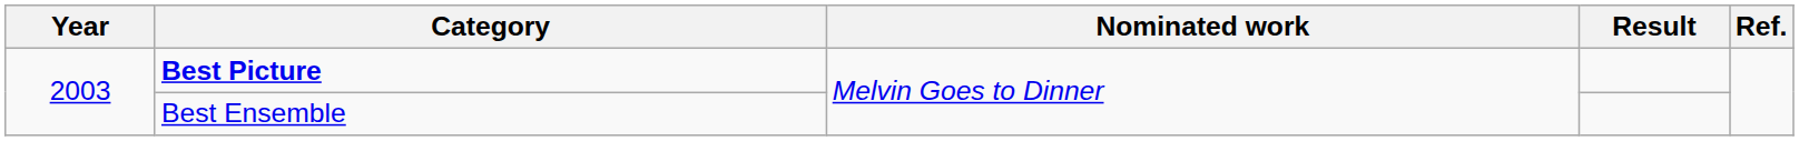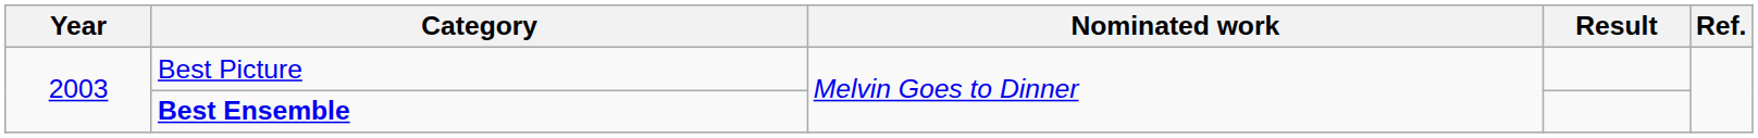 <table class=wikitable>
 <tr>
 <th scope="col" style="width:5em;">Year</th>
 <th scope="col" style="width:24em;">Category</th>
 <th scope="col" style="width:27em;">Nominated work</th>
 <th scope="col" style="width:5em;">Result</th>
 <th>Ref.</th>
 </tr>
 <tr>
 <td style="text-align:center;", rowspan="2"><a href='#'>2003</a></td>
-<td><strong><a href='#'>Best Picture</a></strong></td>
+<td><a href='#'>Best Picture</a></td>
 <td rowspan="2"><em><a href='#'>Melvin Goes to Dinner</a></em></td>
 <td></td>
 <td style="text-align:center;" rowspan="2"></td>
 </tr>
 <tr>
-<td><a href='#'>Best Ensemble</a></td>
+<td><strong><a href='#'>Best Ensemble</a></strong></td>
 <td></td>
 </tr>
 </table>
